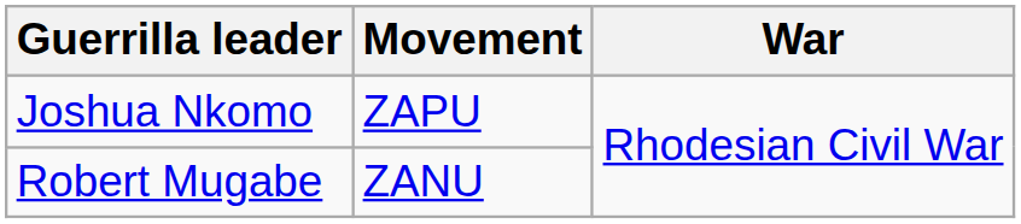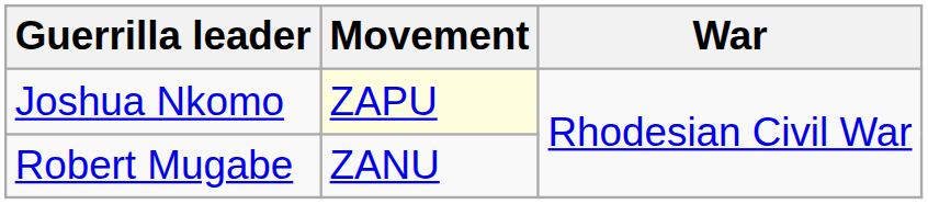 <table class="wikitable">
 <tr>
 <th>Guerrilla leader</th>
 <th>Movement</th>
 <th>War</th>
 </tr>
 <tr>
 <td><a href='#'>Joshua Nkomo</a></td>
-<td><a href='#'>ZAPU</a></td>
+<td style="background: lightyellow;"><a href='#'>ZAPU</a></td>
 <td rowspan="2"><a href='#'>Rhodesian Civil War</a></td>
 </tr>
 <tr>
 <td><a href='#'>Robert Mugabe</a></td>
 <td><a href='#'>ZANU</a></td>
 </tr>
 </table>
